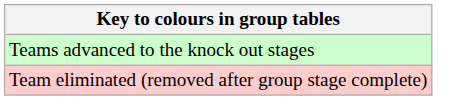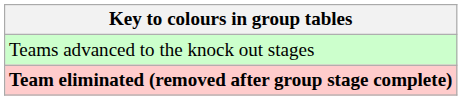 <table class="wikitable">
 <tr>
 <th>Key to colours in group tables</th>
 </tr>
 <tr bgcolor="#ccffcc">
 <td>Teams advanced to the knock out stages</td>
 </tr>
 <tr bgcolor="#ffcccc">
-<td>Team eliminated (removed after group stage complete)</td>
+<td><strong>Team eliminated (removed after group stage complete)</strong></td>
 </tr>
 </table>
